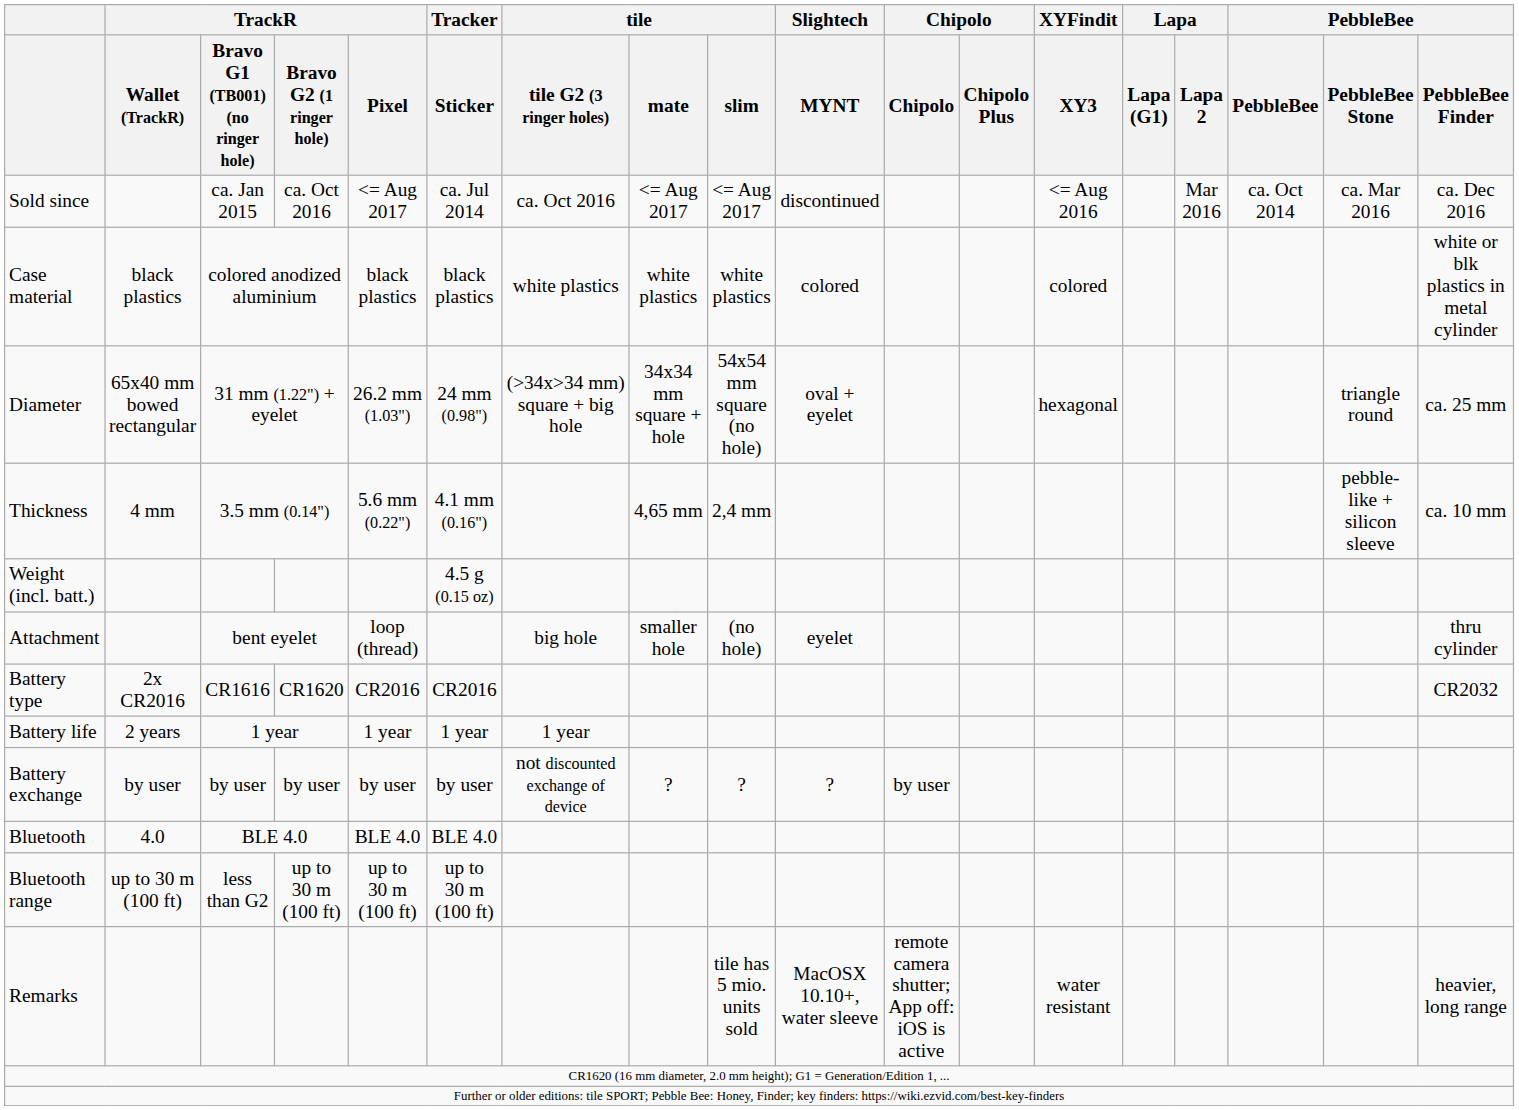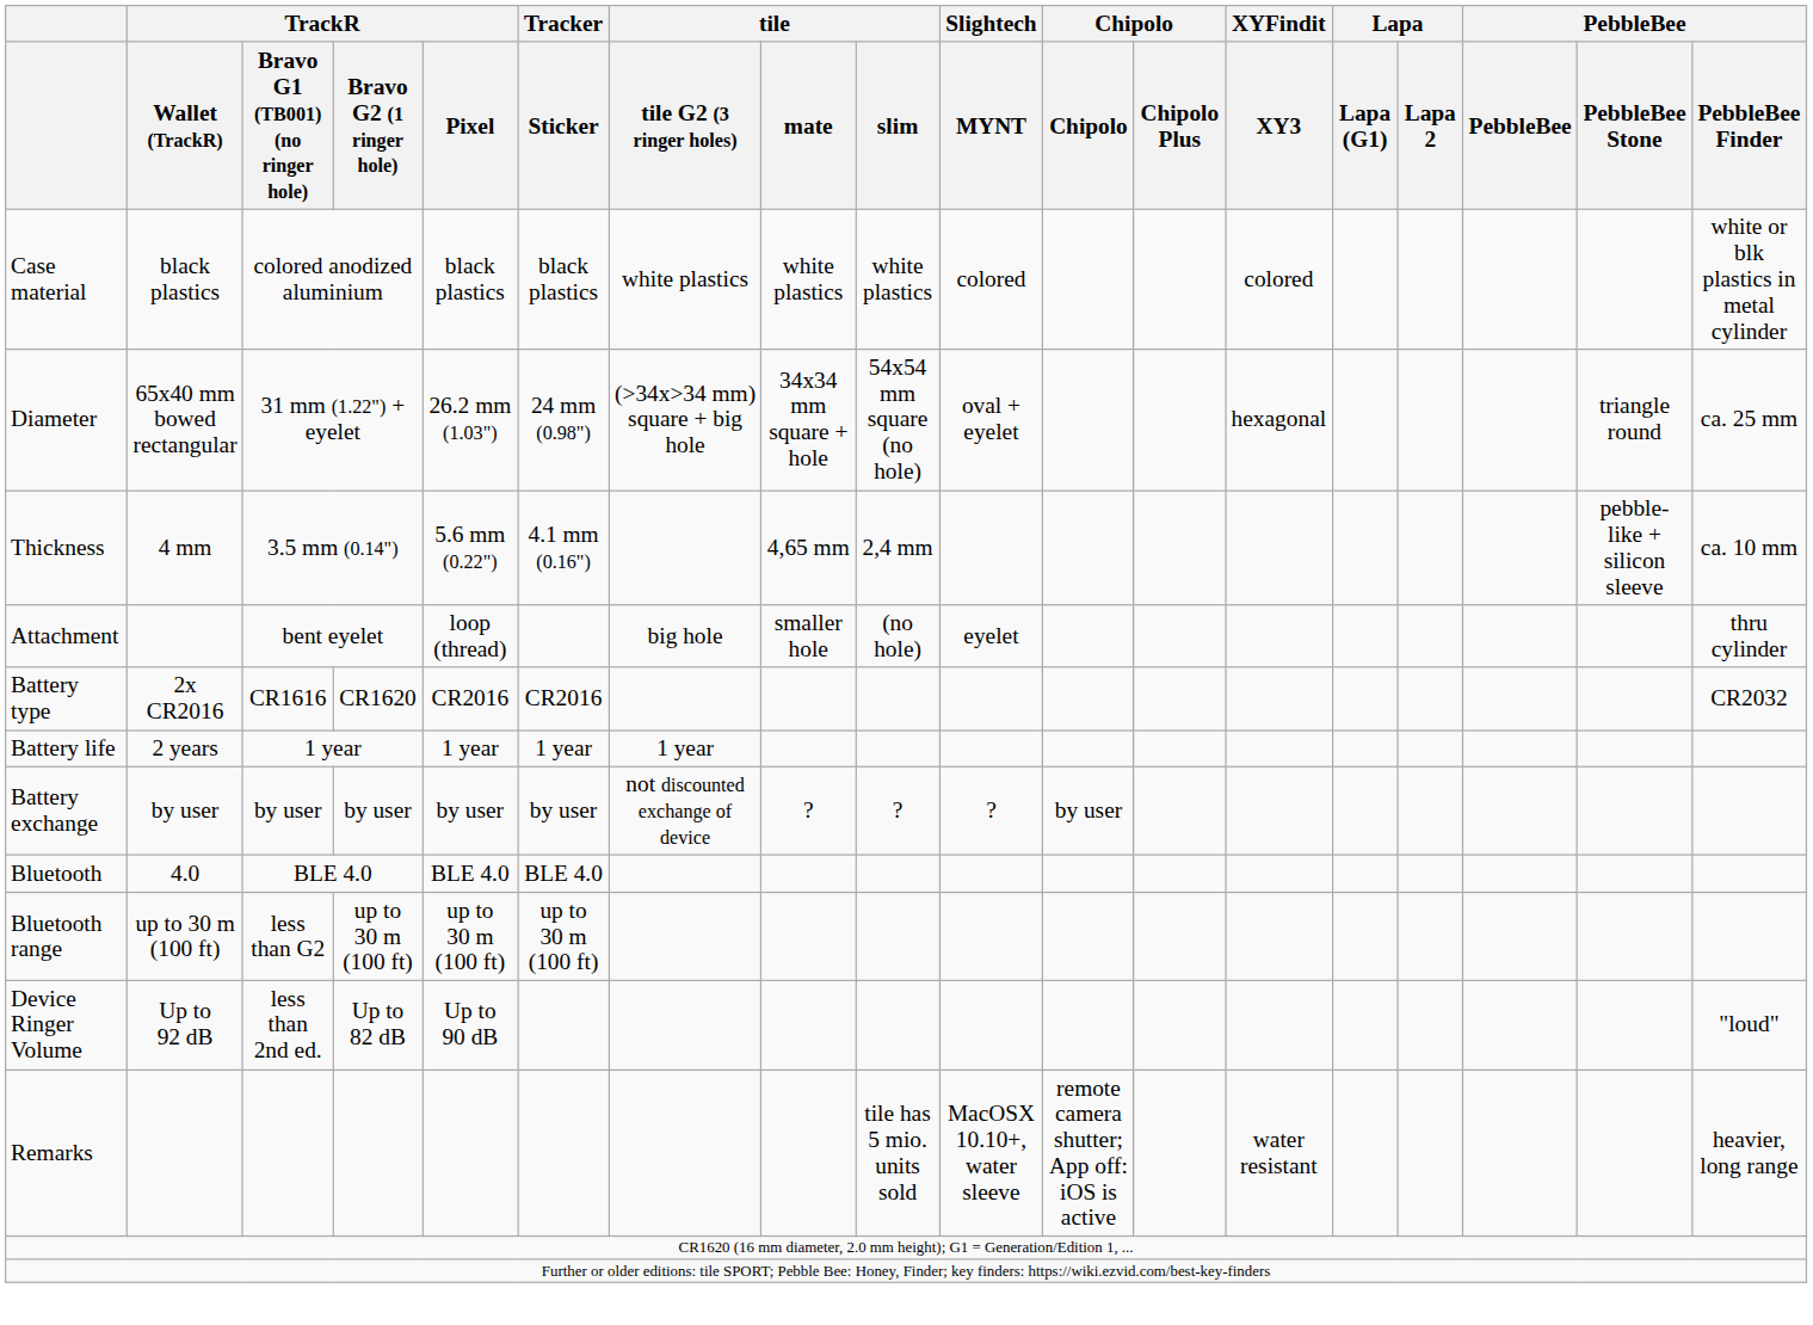 <table class="wikitable" style="text-align:center;">
 <tr>
 <th colspan="1"></th>
 <th colspan="4">TrackR</th>
 <th colspan="1">Tracker</th>
 <th colspan="3">tile</th>
 <th colspan="1">Slightech</th>
 <th colspan="2">Chipolo</th>
 <th colspan="1">XYFindit</th>
 <th colspan="2">Lapa</th>
 <th colspan="3">PebbleBee</th>
 </tr>
 <tr>
 <th width="130"></th>
 <th width="90">Wallet <small>(Track<strong>R</strong>)</small></th>
 <th width="90">Bravo G1 <small>(TB001) (no ringer hole)</small></th>
 <th width="90">Bravo G2 <small>(1 ringer hole)</small></th>
 <th width="90">Pixel</th>
 <th width="90">Sticker</th>
 <th width="90">tile G2 <small>(3 ringer holes)</small></th>
 <th width="90">mate </th>
 <th width="90">slim </th>
 <th width="90">MYNT </th>
 <th width="90">Chipolo </th>
 <th width="90">Chipolo Plus</th>
 <th width="90">XY3</th>
 <th width="90">Lapa (G1)</th>
 <th width="90">Lapa 2 </th>
 <th width="90">PebbleBee </th>
 <th width="90">PebbleBee Stone </th>
 <th width="90">PebbleBee Finder </th>
-</tr>
-<tr>
-<td align=left>Sold since</td>
-<td align="center"></td>
-<td align="center">ca. Jan 2015</td>
-<td align="center">ca. Oct 2016</td>
-<td align="center"><= Aug 2017</td>
-<td align="center">ca. Jul 2014</td>
-<td align="center">ca. Oct 2016</td>
-<td align="center"><= Aug 2017</td>
-<td align="center"><= Aug 2017</td>
-<td align="center">discontinued</td>
-<td align="center"></td>
-<td align="center"></td>
-<td align="center"><= Aug 2016</td>
-<td align="center"></td>
-<td align="center">Mar 2016</td>
-<td align="center">ca. Oct 2014</td>
-<td align="center">ca. Mar 2016</td>
-<td align="center">ca. Dec 2016</td>
 </tr>
 <tr>
 <td align=left>Case material</td>
 <td align="center">black plastics</td>
 <td align="center" colspan="2">colored anodized aluminium</td>
 <td align="center">black plastics</td>
 <td align="center">black plastics</td>
 <td align="center">white plastics</td>
 <td align="center">white plastics</td>
 <td align="center">white plastics</td>
 <td align="center">colored</td>
 <td align="center"></td>
 <td align="center"></td>
 <td align="center">colored</td>
 <td align="center"></td>
 <td align="center"></td>
 <td align="center"></td>
 <td align="center"></td>
 <td align="center">white or blk plastics in metal cylinder</td>
 </tr>
 <tr>
 <td align=left>Diameter</td>
 <td align="center">65x40 mm bowed rectangular</td>
 <td align="center" colspan="2">31 mm <small>(1.22")</small> + eyelet </td>
 <td align="center">26.2 mm <small>(1.03")</small></td>
 <td align="center">24 mm <small>(0.98")</small></td>
 <td align="center">(>34x>34 mm) square + big hole</td>
 <td align="center">34x34 mm square + hole</td>
 <td align="center">54x54 mm square (no hole)</td>
 <td align="center">oval + eyelet</td>
 <td align="center"></td>
 <td align="center"></td>
 <td align="center">hexagonal</td>
 <td align="center"></td>
 <td align="center"></td>
 <td align="center"></td>
 <td align="center">triangle round</td>
 <td align="center">ca. 25 mm</td>
 </tr>
 <tr>
 <td align=left>Thickness</td>
 <td align="center">4 mm</td>
 <td align="center" colspan="2">3.5 mm <small>(0.14")</small></td>
 <td align="center">5.6 mm <small>(0.22")</small></td>
 <td align="center">4.1 mm <small>(0.16")</small></td>
 <td align="center"></td>
 <td align="center">4,65 mm</td>
 <td align="center">2,4 mm</td>
 <td align="center"></td>
 <td align="center"></td>
 <td align="center"></td>
 <td align="center"></td>
 <td align="center"></td>
 <td align="center"></td>
 <td align="center"></td>
 <td align="center">pebble-like + silicon sleeve</td>
 <td align="center">ca. 10 mm</td>
-</tr>
-<tr>
-<td align=left>Weight (incl. batt.)</td>
-<td align="center"></td>
-<td align="center"></td>
-<td align="center"></td>
-<td align="center"></td>
-<td align="center">4.5 g <small>(0.15 oz)</small></td>
-<td align="center"></td>
-<td align="center"></td>
-<td align="center"></td>
-<td align="center"></td>
-<td align="center"></td>
-<td align="center"></td>
-<td align="center"></td>
-<td align="center"></td>
-<td align="center"></td>
-<td align="center"></td>
-<td align="center"></td>
-<td align="center"></td>
 </tr>
 <tr>
 <td align=left>Attachment</td>
 <td align="center"></td>
 <td align="center" colspan="2">bent eyelet</td>
 <td align="center">loop (thread)</td>
 <td align="center"></td>
 <td align="center">big hole</td>
 <td align="center">smaller hole</td>
 <td align="center">(no hole)</td>
 <td align="center">eyelet</td>
 <td align="center"></td>
 <td align="center"></td>
 <td align="center"></td>
 <td align="center"></td>
 <td align="center"></td>
 <td align="center"></td>
 <td align="center"></td>
 <td align="center">thru cylinder</td>
 </tr>
 <tr>
 <td align=left>Battery type</td>
 <td align="center">2x CR2016</td>
 <td align="center">CR1616</td>
 <td align="center">CR1620</td>
 <td align="center">CR2016</td>
 <td align="center">CR2016</td>
 <td align="center"></td>
 <td align="center"></td>
 <td align="center"></td>
 <td align="center"></td>
 <td align="center"></td>
 <td align="center"></td>
 <td align="center"></td>
 <td align="center"></td>
 <td align="center"></td>
 <td align="center"></td>
 <td align="center"></td>
 <td align="center">CR2032</td>
 </tr>
 <tr>
 <td align=left>Battery life</td>
 <td align="center">2 years</td>
 <td align="center" colspan="2">1 year</td>
 <td align="center">1 year</td>
 <td align="center">1 year</td>
 <td align="center">1 year</td>
 <td align="center"></td>
 <td align="center"></td>
 <td align="center"></td>
 <td align="center"></td>
 <td align="center"></td>
 <td align="center"></td>
 <td align="center"></td>
 <td align="center"></td>
 <td align="center"></td>
 <td align="center"></td>
 <td align="center"></td>
 </tr>
 <tr>
 <td align=left>Battery exchange</td>
 <td align="center">by user</td>
 <td align="center">by user</td>
 <td align="center">by user</td>
 <td align="center">by user</td>
 <td align="center">by user</td>
 <td align="center">not <small>discounted exchange of device</small></td>
 <td align="center">?</td>
 <td align="center">?</td>
 <td align="center">?</td>
 <td align="center">by user</td>
 <td align="center"></td>
 <td align="center"></td>
 <td align="center"></td>
 <td align="center"></td>
 <td align="center"></td>
 <td align="center"></td>
 <td align="center"></td>
 </tr>
 <tr>
 <td align=left>Bluetooth</td>
 <td align="center">4.0</td>
 <td align="center" colspan="2">BLE 4.0</td>
 <td align="center">BLE 4.0</td>
 <td align="center">BLE 4.0</td>
 <td align="center"></td>
 <td align="center"></td>
 <td align="center"></td>
 <td align="center"></td>
 <td align="center"></td>
 <td align="center"></td>
 <td align="center"></td>
 <td align="center"></td>
 <td align="center"></td>
 <td align="center"></td>
 <td align="center"></td>
 <td align="center"></td>
 </tr>
 <tr>
 <td align=left>Bluetooth range</td>
 <td align="center">up to 30 m (100 ft)</td>
 <td align="center">less than G2</td>
 <td align="center">up to 30 m (100 ft)</td>
 <td align="center">up to 30 m (100 ft)</td>
 <td align="center">up to 30 m (100 ft)</td>
 <td align="center"></td>
 <td align="center"></td>
 <td align="center"></td>
 <td align="center"></td>
 <td align="center"></td>
 <td align="center"></td>
 <td align="center"></td>
 <td align="center"></td>
 <td align="center"></td>
 <td align="center"></td>
 <td align="center"></td>
 <td align="center"></td>
 </tr>
 <tr>
+<td align=left>Device Ringer Volume</td>
+<td align="center">Up to 92 dB</td>
+<td align="center">less than 2nd ed.</td>
+<td align="center">Up to 82 dB</td>
+<td align="center">Up to 90 dB</td>
+<td align="center"></td>
+<td align="center"></td>
+<td align="center"></td>
+<td align="center"></td>
+<td align="center"></td>
+<td align="center"></td>
+<td align="center"></td>
+<td align="center"></td>
+<td align="center"></td>
+<td align="center"></td>
+<td align="center"></td>
+<td align="center"></td>
+<td align="center">"loud"</td>
+</tr>
+<tr>
 <td align=left>Remarks</td>
 <td align="center"></td>
 <td align="center"></td>
 <td align="center"></td>
 <td align="center"></td>
 <td align="center"></td>
 <td align="center"></td>
 <td align="center"></td>
 <td align="center">tile has 5 mio. units sold</td>
 <td align="center">MacOSX 10.10+, water sleeve</td>
 <td align="center">remote camera shutter; App off: iOS is active</td>
 <td align="center"></td>
 <td align="center">water resistant</td>
 <td align="center"></td>
 <td align="center"></td>
 <td align="center"></td>
 <td align="center"></td>
 <td align="center">heavier, long range</td>
 </tr>
 <tr>
 <td align="center" colspan="18" style="font-size: 8pt">CR1620 (16 mm diameter, 2.0 mm height); G1 = Generation/Edition 1, ...</td>
 </tr>
 <tr>
 <td align="center" colspan="18" style="font-size: 8pt">Further or older editions: tile SPORT; Pebble Bee: Honey, Finder; key finders: https://wiki.ezvid.com/best-key-finders</td>
 </tr>
 </table>
